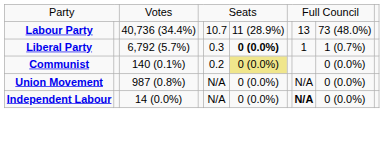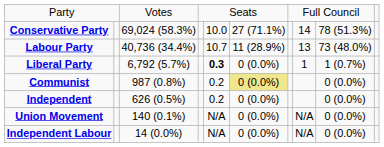 <table class=wikitable style="text-align:center;">
 <tr>
 <td colspan=2>Party</td>
 <td colspa1475n=3>Votes</td>
 <td colspan=3>Seats</td>
 <td colspan=3>Full Council</td>
+</tr>
+<tr>
+<td><strong><a href='#'>Conservative Party</a></strong></td>
+<td style="background:"></td>
+<td>69,024 (58.3%)</td>
+<td></td>
+<td> 10.0</td>
+<td>27 (71.1%)</td>
+<td></td>
+<td> 14</td>
+<td>78 (51.3%)</td>
+<td></td>
 </tr>
 <tr>
 <td><strong><a href='#'>Labour Party</a></strong></td>
 <td style="background:"></td>
 <td>40,736 (34.4%)</td>
 <td></td>
 <td> 10.7</td>
 <td>11 (28.9%)</td>
 <td></td>
 <td> 13</td>
 <td>73 (48.0%)</td>
 <td></td>
 </tr>
 <tr>
 <td><strong><a href='#'>Liberal Party</a></strong></td>
 <td style="background:"></td>
 <td>6,792 (5.7%)</td>
 <td></td>
-<td> 0.3</td>
-<td><strong>0 (0.0%)</strong></td>
+<td><strong> 0.3</strong></td>
+<td>0 (0.0%)</td>
 <td></td>
 <td> 1</td>
 <td>1 (0.7%)</td>
 <td></td>
 </tr>
 <tr>
 <td><strong><a href='#'>Communist</a></strong></td>
 <td style="background:"></td>
-<td>140 (0.1%)</td>
+<td>987 (0.8%)</td>
 <td></td>
 <td> 0.2</td>
 <td style="background: khaki;">0 (0.0%)</td>
 <td></td>
 <td></td>
 <td>0 (0.0%)</td>
 <td></td>
 </tr>
 <tr>
+<td><strong><a href='#'>Independent</a></strong></td>
+<td style="background:"></td>
+<td>626 (0.5%)</td>
+<td></td>
+<td> 0.2</td>
+<td>0 (0.0%)</td>
+<td></td>
+<td></td>
+<td>0 (0.0%)</td>
+<td></td>
+</tr>
+<tr>
 <td><strong><a href='#'>Union Movement</a></strong></td>
 <td style="background:"></td>
-<td>987 (0.8%)</td>
+<td>140 (0.1%)</td>
 <td></td>
 <td>N/A</td>
 <td>0 (0.0%)</td>
 <td></td>
 <td>N/A</td>
 <td>0 (0.0%)</td>
 <td></td>
 </tr>
 <tr>
 <td><strong><a href='#'>Independent Labour</a></strong></td>
 <td style="background:"></td>
 <td>14 (0.0%)</td>
 <td></td>
 <td>N/A</td>
 <td>0 (0.0%)</td>
 <td></td>
-<td><strong>N/A</strong></td>
+<td>N/A</td>
 <td>0 (0.0%)</td>
 <td></td>
 </tr>
 </table>
